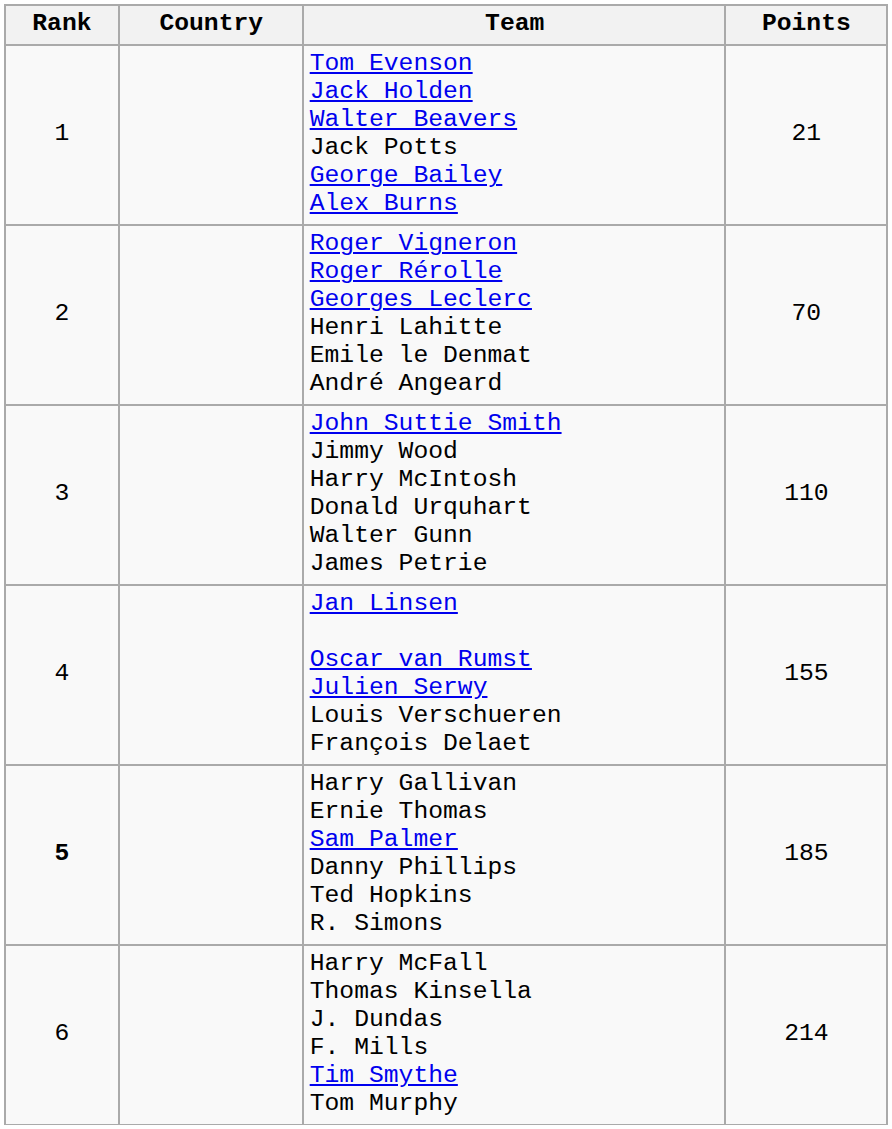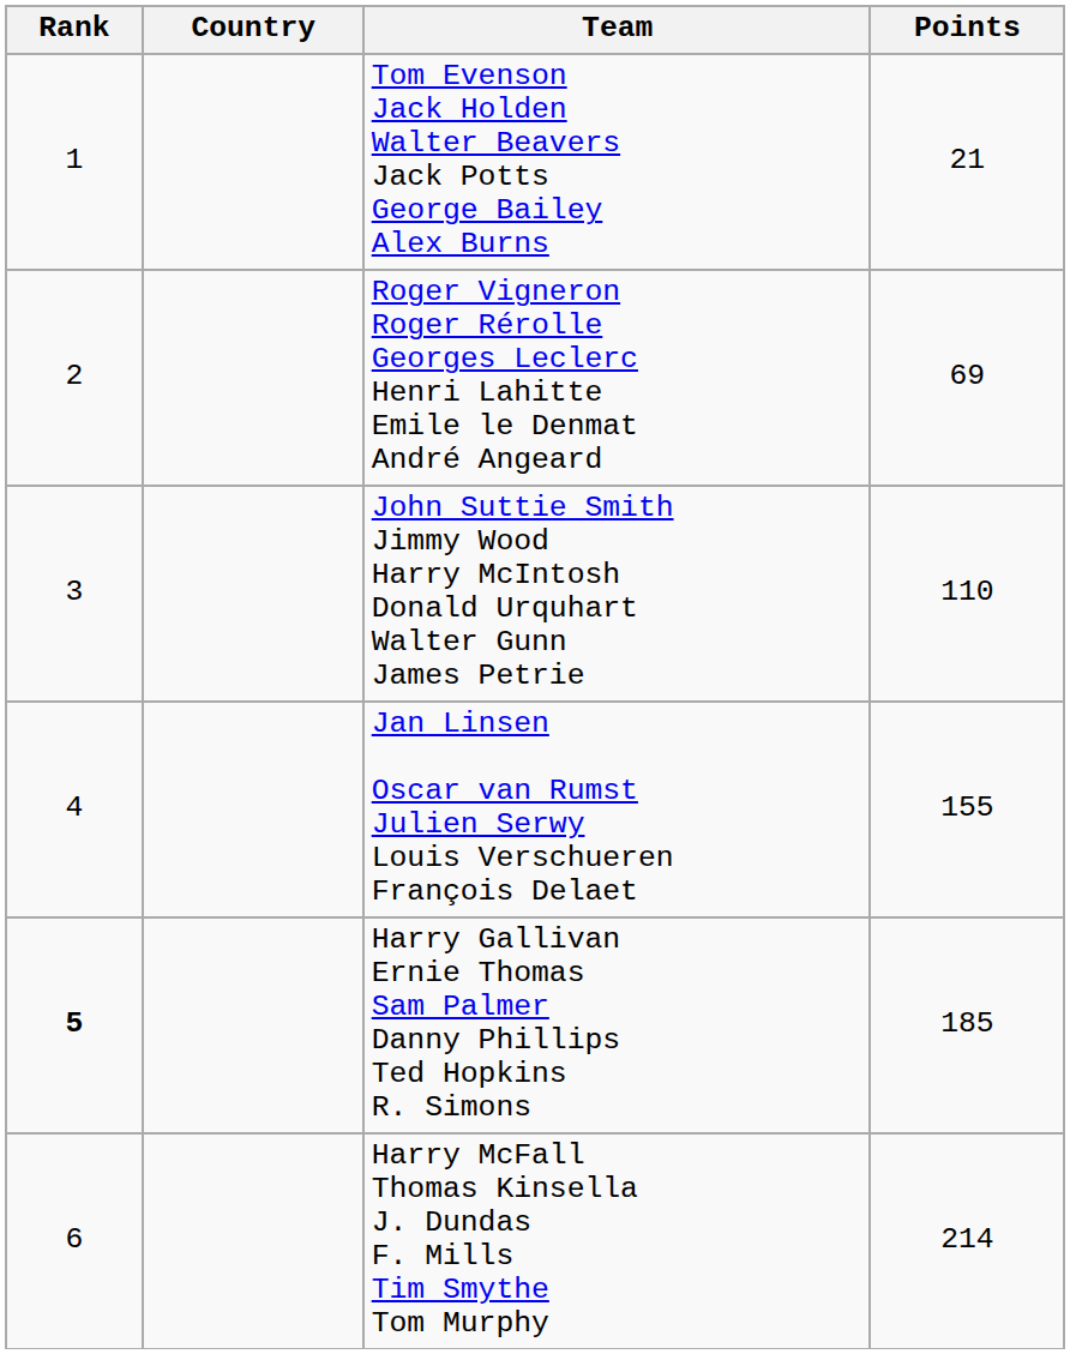 <table class="wikitable sortable" style=" text-align:center; font-size:95%;" width="50%">
 <tr>
 <th>Rank</th>
 <th>Country</th>
 <th>Team</th>
 <th>Points</th>
 </tr>
 <tr>
 <td align=center>1</td>
 <td align=left></td>
 <td align=left><a href='#'>Tom Evenson</a><br><a href='#'>Jack Holden</a><br><a href='#'>Walter Beavers</a><br>Jack Potts<br><a href='#'>George Bailey</a><br><a href='#'>Alex Burns</a></td>
 <td>21</td>
 </tr>
 <tr>
 <td align=center>2</td>
 <td align=left></td>
 <td align=left><a href='#'>Roger Vigneron</a><br><a href='#'>Roger Rérolle</a><br><a href='#'>Georges Leclerc</a><br>Henri Lahitte<br>Emile le Denmat<br>André Angeard</td>
-<td>70</td>
+<td>69</td>
 </tr>
 <tr>
 <td align=center>3</td>
 <td align=left></td>
 <td align=left><a href='#'>John Suttie Smith</a><br>Jimmy Wood<br>Harry McIntosh<br>Donald Urquhart<br>Walter Gunn<br>James Petrie</td>
 <td>110</td>
 </tr>
 <tr>
 <td align=center>4</td>
 <td align=left></td>
 <td align=left><a href='#'>Jan Linsen</a><br><br><a href='#'>Oscar van Rumst</a><br><a href='#'>Julien Serwy</a><br>Louis Verschueren<br>François Delaet</td>
 <td>155</td>
 </tr>
 <tr>
 <td align=center><strong>5</strong></td>
 <td align=left></td>
 <td align=left>Harry Gallivan<br>Ernie Thomas<br><a href='#'>Sam Palmer</a><br>Danny Phillips<br>Ted Hopkins<br>R. Simons</td>
 <td>185</td>
 </tr>
 <tr>
 <td align=center>6</td>
 <td align=left></td>
 <td align=left>Harry McFall<br>Thomas Kinsella<br>J. Dundas<br>F. Mills<br><a href='#'>Tim Smythe</a><br>Tom Murphy</td>
 <td>214</td>
 </tr>
 </table>
